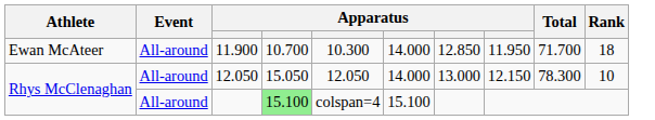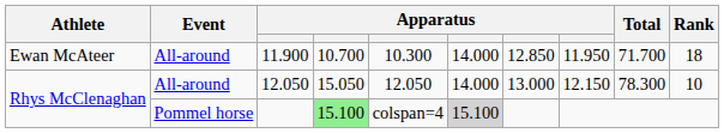 <table class="wikitable" style="font-size:90%">
 <tr>
 <th rowspan=2>Athlete</th>
 <th rowspan=2>Event</th>
 <th colspan=6>Apparatus</th>
 <th rowspan=2>Total</th>
 <th rowspan=2>Rank</th>
 </tr>
 <tr style="font-size:95%">
 <th></th>
 <th></th>
 <th></th>
 <th></th>
 <th></th>
 <th></th>
 </tr>
 <tr align=center>
 <td align=left>Ewan McAteer</td>
 <td align=left><a href='#'>All-around</a></td>
 <td>11.900</td>
 <td>10.700</td>
 <td>10.300</td>
 <td>14.000</td>
 <td>12.850</td>
 <td>11.950</td>
 <td>71.700</td>
 <td>18</td>
 </tr>
 <tr align=center>
 <td align=left rowspan=2><a href='#'>Rhys McClenaghan</a></td>
 <td align=left><a href='#'>All-around</a></td>
 <td>12.050</td>
 <td>15.050</td>
 <td>12.050</td>
 <td>14.000</td>
 <td>13.000</td>
 <td>12.150</td>
 <td>78.300</td>
 <td>10</td>
 </tr>
 <tr align=center>
-<td align=left><a href='#'>All-around</a></td>
+<td align=left><a href='#'>Pommel horse</a></td>
 <td></td>
 <td style="background: lightgreen;">15.100</td>
 <td>colspan=4 </td>
-<td>15.100</td>
+<td style="background: lightgrey;">15.100</td>
 <td></td>
 </tr>
 </table>
